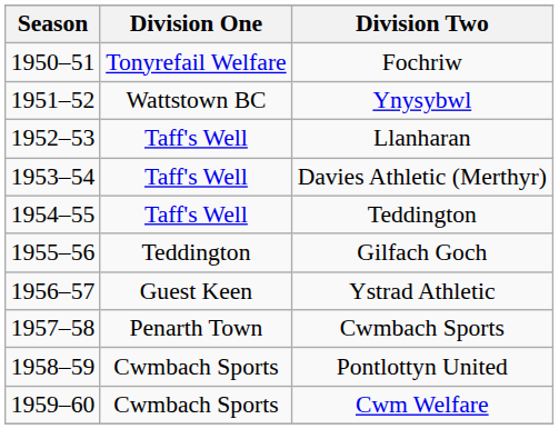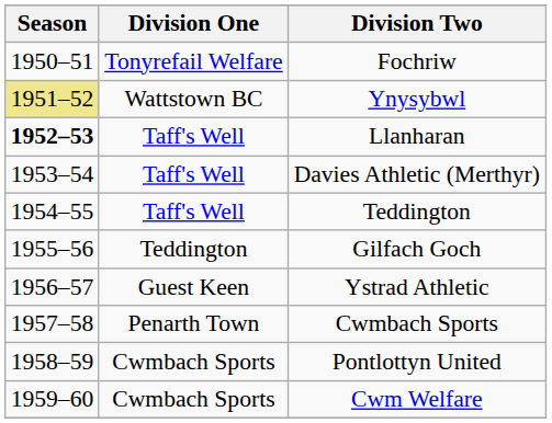 <table class="wikitable" style="text-align: center">
 <tr>
 </tr>
 <tr>
 <th>Season</th>
 <th>Division One</th>
 <th>Division Two</th>
 </tr>
 <tr>
 <td>1950–51</td>
 <td><a href='#'>Tonyrefail Welfare</a></td>
 <td>Fochriw</td>
 </tr>
 <tr>
-<td>1951–52</td>
+<td style="background: khaki;">1951–52</td>
 <td>Wattstown BC</td>
 <td><a href='#'>Ynysybwl</a></td>
 </tr>
 <tr>
-<td>1952–53</td>
+<td><strong>1952–53</strong></td>
 <td><a href='#'>Taff's Well</a></td>
 <td>Llanharan</td>
 </tr>
 <tr>
 <td>1953–54</td>
 <td><a href='#'>Taff's Well</a></td>
 <td>Davies Athletic (Merthyr)</td>
 </tr>
 <tr>
 <td>1954–55</td>
 <td><a href='#'>Taff's Well</a></td>
 <td>Teddington</td>
 </tr>
 <tr>
 <td>1955–56</td>
 <td>Teddington</td>
 <td>Gilfach Goch</td>
 </tr>
 <tr>
 <td>1956–57</td>
 <td>Guest Keen</td>
 <td>Ystrad Athletic</td>
 </tr>
 <tr>
 <td>1957–58</td>
 <td>Penarth Town</td>
 <td>Cwmbach Sports</td>
 </tr>
 <tr>
 <td>1958–59</td>
 <td>Cwmbach Sports</td>
 <td>Pontlottyn United</td>
 </tr>
 <tr>
 <td>1959–60</td>
 <td>Cwmbach Sports</td>
 <td><a href='#'>Cwm Welfare</a></td>
 </tr>
 <tr>
 </tr>
 </table>
